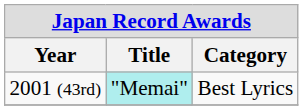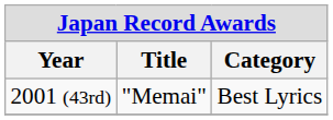 <table class="wikitable" border="1">
 <tr>
 <td colspan=3 bgcolor="#DDDDDD" align=center><strong><a href='#'>Japan Record Awards</a></strong></td>
 </tr>
 <tr>
 <th align="center">Year</th>
 <th align="center">Title</th>
 <th align="center">Category</th>
 </tr>
 <tr>
 <td align="left">2001 <small>(43rd)</small></td>
-<td align="left" style="background: paleturquoise;">"Memai"</td>
+<td align="left">"Memai"</td>
 <td align="left">Best Lyrics</td>
 </tr>
 <tr>
 </tr>
 </table>
